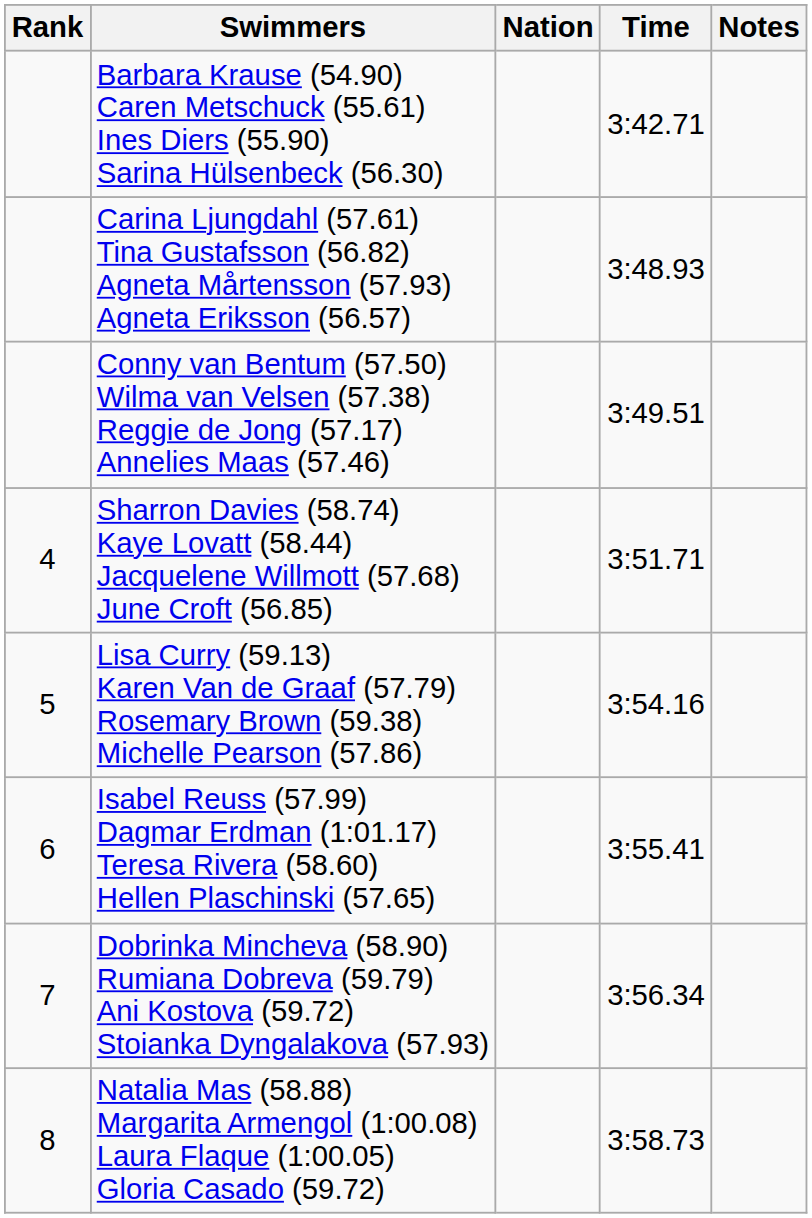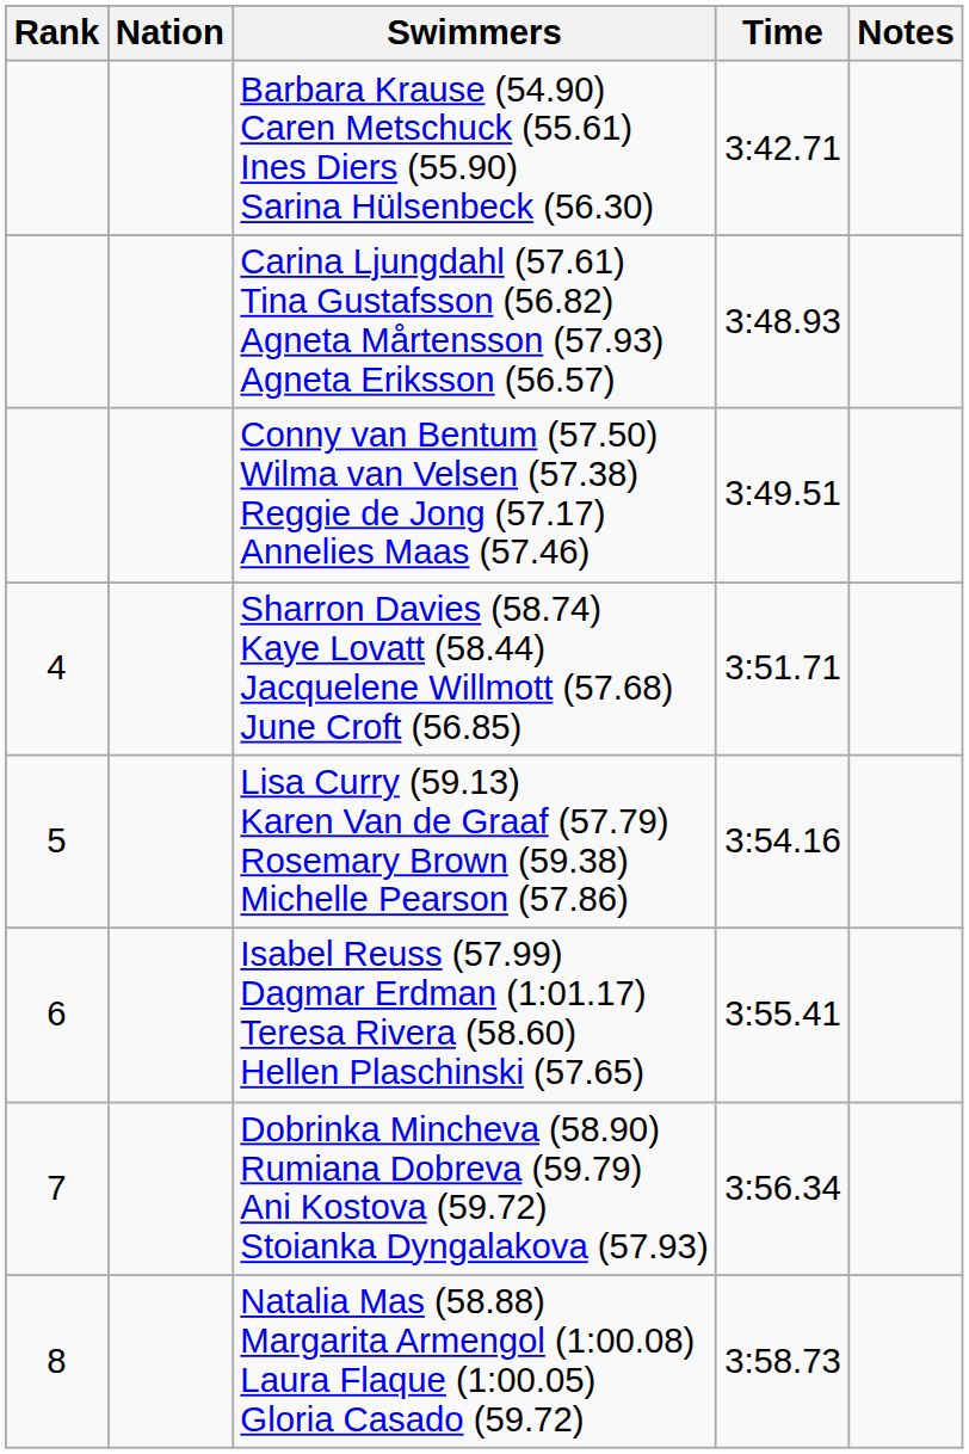 <table class="wikitable sortable" style="text-align:center">
 <tr>
 <th>Rank</th>
+<th>Nation</th>
 <th>Swimmers</th>
-<th>Nation</th>
 <th>Time</th>
 <th>Notes</th>
 </tr>
 <tr>
 <td></td>
+<td align=left></td>
 <td align=left><a href='#'>Barbara Krause</a> (54.90)<br><a href='#'>Caren Metschuck</a> (55.61)<br><a href='#'>Ines Diers</a> (55.90)<br><a href='#'>Sarina Hülsenbeck</a> (56.30)</td>
-<td align=left></td>
 <td>3:42.71</td>
 <td></td>
 </tr>
 <tr>
 <td></td>
+<td align=left></td>
 <td align=left><a href='#'>Carina Ljungdahl</a> (57.61)<br><a href='#'>Tina Gustafsson</a> (56.82)<br><a href='#'>Agneta Mårtensson</a> (57.93)<br><a href='#'>Agneta Eriksson</a> (56.57)</td>
-<td align=left></td>
 <td>3:48.93</td>
 <td></td>
 </tr>
 <tr>
 <td></td>
+<td align=left></td>
 <td align=left><a href='#'>Conny van Bentum</a> (57.50)<br><a href='#'>Wilma van Velsen</a> (57.38)<br><a href='#'>Reggie de Jong</a> (57.17)<br><a href='#'>Annelies Maas</a> (57.46)</td>
-<td align=left></td>
 <td>3:49.51</td>
 <td></td>
 </tr>
 <tr>
 <td>4</td>
+<td align=left></td>
 <td align=left><a href='#'>Sharron Davies</a> (58.74)<br><a href='#'>Kaye Lovatt</a> (58.44)<br><a href='#'>Jacquelene Willmott</a> (57.68)<br><a href='#'>June Croft</a> (56.85)</td>
-<td align=left></td>
 <td>3:51.71</td>
 <td></td>
 </tr>
 <tr>
 <td>5</td>
+<td align=left></td>
 <td align=left><a href='#'>Lisa Curry</a> (59.13)<br><a href='#'>Karen Van de Graaf</a> (57.79)<br><a href='#'>Rosemary Brown</a> (59.38)<br><a href='#'>Michelle Pearson</a> (57.86)</td>
-<td align=left></td>
 <td>3:54.16</td>
 <td></td>
 </tr>
 <tr>
 <td>6</td>
+<td align=left></td>
 <td align=left><a href='#'>Isabel Reuss</a> (57.99)<br><a href='#'>Dagmar Erdman</a> (1:01.17)<br><a href='#'>Teresa Rivera</a> (58.60)<br><a href='#'>Hellen Plaschinski</a> (57.65)</td>
-<td align=left></td>
 <td>3:55.41</td>
 <td></td>
 </tr>
 <tr>
 <td>7</td>
+<td align=left></td>
 <td align=left><a href='#'>Dobrinka Mincheva</a> (58.90)<br><a href='#'>Rumiana Dobreva</a> (59.79)<br><a href='#'>Ani Kostova</a> (59.72)<br><a href='#'>Stoianka Dyngalakova</a> (57.93)</td>
-<td align=left></td>
 <td>3:56.34</td>
 <td></td>
 </tr>
 <tr>
 <td>8</td>
+<td align=left></td>
 <td align=left><a href='#'>Natalia Mas</a> (58.88)<br><a href='#'>Margarita Armengol</a> (1:00.08)<br><a href='#'>Laura Flaque</a> (1:00.05)<br><a href='#'>Gloria Casado</a> (59.72)</td>
-<td align=left></td>
 <td>3:58.73</td>
 <td></td>
 </tr>
 </table>
